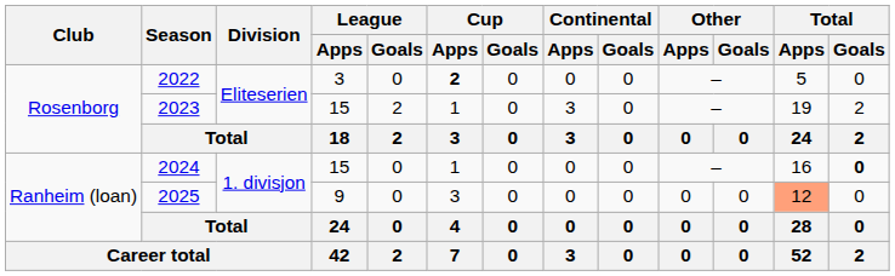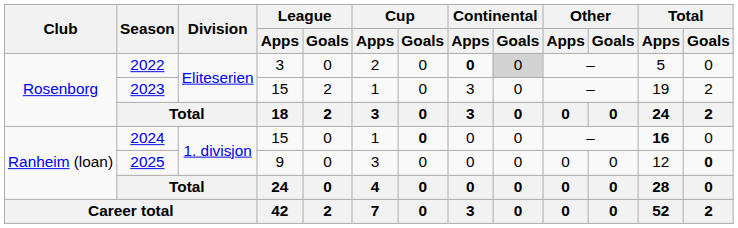 <table class="wikitable" style="text-align: center;">
 <tr>
 <th rowspan="2">Club</th>
 <th rowspan="2">Season</th>
 <th rowspan="2">Division</th>
 <th colspan="2">League</th>
 <th colspan="2">Cup</th>
 <th colspan="2">Continental</th>
 <th colspan="2">Other</th>
 <th colspan="2">Total</th>
 </tr>
 <tr>
 <th>Apps</th>
 <th>Goals</th>
 <th>Apps</th>
 <th>Goals</th>
 <th>Apps</th>
 <th>Goals</th>
 <th>Apps</th>
 <th>Goals</th>
 <th>Apps</th>
 <th>Goals</th>
 </tr>
 <tr>
 <td rowspan="3" valign="center"><a href='#'>Rosenborg</a></td>
 <td><a href='#'>2022</a></td>
 <td rowspan="2"><a href='#'>Eliteserien</a></td>
 <td>3</td>
 <td>0</td>
-<td><strong>2</strong></td>
+<td>2</td>
 <td>0</td>
-<td>0</td>
-<td>0</td>
+<td><strong>0</strong></td>
+<td style="background: lightgrey;">0</td>
 <td colspan=2>–</td>
 <td>5</td>
 <td>0</td>
 </tr>
 <tr>
 <td><a href='#'>2023</a></td>
 <td>15</td>
 <td>2</td>
 <td>1</td>
 <td>0</td>
 <td>3</td>
 <td>0</td>
 <td colspan=2>–</td>
 <td>19</td>
 <td>2</td>
 </tr>
 <tr>
 <th colspan=2>Total</th>
 <th>18</th>
 <th>2</th>
 <th>3</th>
 <th>0</th>
 <th>3</th>
 <th>0</th>
 <th>0</th>
 <th>0</th>
 <th>24</th>
 <th>2</th>
 </tr>
 <tr>
 <td rowspan="3" valign="center"><a href='#'>Ranheim</a> (loan)</td>
 <td><a href='#'>2024</a></td>
 <td rowspan="2"><a href='#'>1. divisjon</a></td>
 <td>15</td>
 <td>0</td>
 <td>1</td>
-<td>0</td>
+<td><strong>0</strong></td>
 <td>0</td>
 <td>0</td>
 <td colspan=2>–</td>
-<td>16</td>
-<td><strong>0</strong></td>
+<td><strong>16</strong></td>
+<td>0</td>
 </tr>
 <tr>
 <td><a href='#'>2025</a></td>
 <td>9</td>
 <td>0</td>
 <td>3</td>
 <td>0</td>
 <td>0</td>
 <td>0</td>
 <td>0</td>
 <td>0</td>
-<td style="background: lightsalmon;">12</td>
-<td>0</td>
+<td>12</td>
+<td><strong>0</strong></td>
 </tr>
 <tr>
 <th colspan=2>Total</th>
 <th>24</th>
 <th>0</th>
 <th>4</th>
 <th>0</th>
 <th>0</th>
 <th>0</th>
 <th>0</th>
 <th>0</th>
 <th>28</th>
 <th>0</th>
 </tr>
 <tr>
 <th colspan="3">Career total</th>
 <th>42</th>
 <th>2</th>
 <th>7</th>
 <th>0</th>
 <th>3</th>
 <th>0</th>
 <th>0</th>
 <th>0</th>
 <th>52</th>
 <th>2</th>
 </tr>
 </table>
